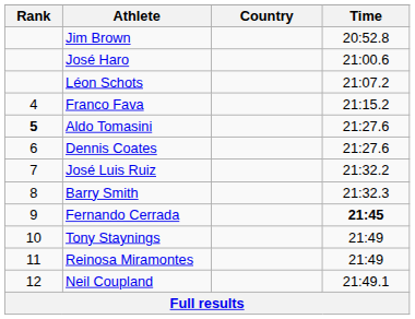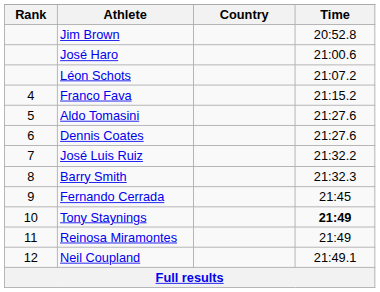 <table class="wikitable sortable" style=" text-align:center; font-size:95%;" width="50%">
 <tr>
 </tr>
 <tr>
 <th width=5%>Rank</th>
 <th width=20%>Athlete</th>
 <th width=15%>Country</th>
 <th width=10%>Time</th>
 </tr>
 <tr>
 <td align=center></td>
 <td align=left><a href='#'>Jim Brown</a></td>
 <td align=left></td>
 <td>20:52.8</td>
 </tr>
 <tr>
 <td align=center></td>
 <td align=left><a href='#'>José Haro</a></td>
 <td align=left></td>
 <td>21:00.6</td>
 </tr>
 <tr>
 <td align=center></td>
 <td align=left><a href='#'>Léon Schots</a></td>
 <td align=left></td>
 <td>21:07.2</td>
 </tr>
 <tr>
 <td align=center>4</td>
 <td align=left><a href='#'>Franco Fava</a></td>
 <td align=left></td>
 <td>21:15.2</td>
 </tr>
 <tr>
-<td align=center><strong>5</strong></td>
+<td align=center>5</td>
 <td align=left><a href='#'>Aldo Tomasini</a></td>
 <td align=left></td>
 <td>21:27.6</td>
 </tr>
 <tr>
 <td align=center>6</td>
 <td align=left><a href='#'>Dennis Coates</a></td>
 <td align=left></td>
 <td>21:27.6</td>
 </tr>
 <tr>
 <td align=center>7</td>
 <td align=left><a href='#'>José Luis Ruiz</a></td>
 <td align=left></td>
 <td>21:32.2</td>
 </tr>
 <tr>
 <td align=center>8</td>
 <td align=left><a href='#'>Barry Smith</a></td>
 <td align=left></td>
 <td>21:32.3</td>
 </tr>
 <tr>
 <td align=center>9</td>
 <td align=left><a href='#'>Fernando Cerrada</a></td>
 <td align=left></td>
-<td><strong>21:45</strong></td>
+<td>21:45</td>
 </tr>
 <tr>
 <td align=center>10</td>
 <td align=left><a href='#'>Tony Staynings</a></td>
 <td align=left></td>
-<td>21:49</td>
+<td><strong>21:49</strong></td>
 </tr>
 <tr>
 <td align=center>11</td>
 <td align=left><a href='#'>Reinosa Miramontes</a></td>
 <td align=left></td>
 <td>21:49</td>
 </tr>
 <tr>
 <td align=center>12</td>
 <td align=left><a href='#'>Neil Coupland</a></td>
 <td align=left></td>
 <td>21:49.1</td>
 </tr>
 <tr class="sortbottom">
 <th colspan=4 align=center><a href='#'>Full results</a></th>
 </tr>
 </table>
